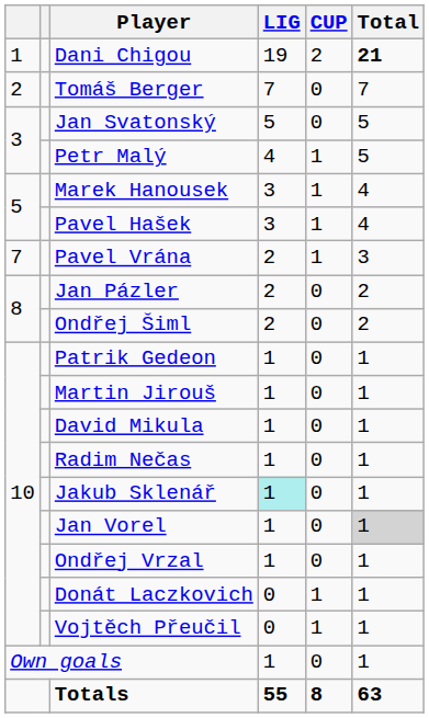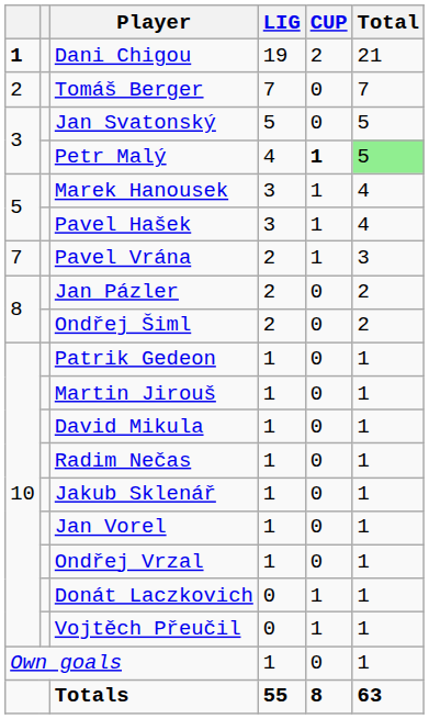 <table class="wikitable"  class= style="text-align:center; border:1px #aaa solid; font-size:95%">
 <tr>
 <th></th>
 <th></th>
 <th>Player</th>
 <th><a href='#'>LIG</a></th>
 <th><a href='#'>CUP</a></th>
 <th>Total</th>
 </tr>
 <tr>
-<td>1</td>
+<td><strong>1</strong></td>
 <td></td>
 <td><a href='#'>Dani Chigou</a></td>
 <td>19</td>
 <td>2</td>
-<td><strong>21</strong></td>
+<td>21</td>
 </tr>
 <tr>
 <td>2</td>
 <td></td>
 <td><a href='#'>Tomáš Berger</a></td>
 <td>7</td>
 <td>0</td>
 <td>7</td>
 </tr>
 <tr>
 <td rowspan="2">3</td>
 <td></td>
 <td><a href='#'>Jan Svatonský</a></td>
 <td>5</td>
 <td>0</td>
 <td>5</td>
 </tr>
 <tr>
 <td></td>
 <td><a href='#'>Petr Malý</a></td>
 <td>4</td>
-<td>1</td>
-<td>5</td>
+<td><strong>1</strong></td>
+<td style="background: lightgreen;">5</td>
 </tr>
 <tr>
 <td rowspan="2">5</td>
 <td></td>
 <td><a href='#'>Marek Hanousek</a></td>
 <td>3</td>
 <td>1</td>
 <td>4</td>
 </tr>
 <tr>
 <td></td>
 <td><a href='#'>Pavel Hašek</a></td>
 <td>3</td>
 <td>1</td>
 <td>4</td>
 </tr>
 <tr>
 <td>7</td>
 <td></td>
 <td><a href='#'>Pavel Vrána</a></td>
 <td>2</td>
 <td>1</td>
 <td>3</td>
 </tr>
 <tr>
 <td rowspan="2">8</td>
 <td></td>
 <td><a href='#'>Jan Pázler</a></td>
 <td>2</td>
 <td>0</td>
 <td>2</td>
 </tr>
 <tr>
 <td></td>
 <td><a href='#'>Ondřej Šiml</a></td>
 <td>2</td>
 <td>0</td>
 <td>2</td>
 </tr>
 <tr>
 <td rowspan="9">10</td>
 <td></td>
 <td><a href='#'>Patrik Gedeon</a></td>
 <td>1</td>
 <td>0</td>
 <td>1</td>
 </tr>
 <tr>
 <td></td>
 <td><a href='#'>Martin Jirouš</a></td>
 <td>1</td>
 <td>0</td>
 <td>1</td>
 </tr>
 <tr>
 <td></td>
 <td><a href='#'>David Mikula</a></td>
 <td>1</td>
 <td>0</td>
 <td>1</td>
 </tr>
 <tr>
 <td></td>
 <td><a href='#'>Radim Nečas</a></td>
 <td>1</td>
 <td>0</td>
 <td>1</td>
 </tr>
 <tr>
 <td></td>
 <td><a href='#'>Jakub Sklenář</a></td>
-<td style="background: paleturquoise;">1</td>
+<td>1</td>
 <td>0</td>
 <td>1</td>
 </tr>
 <tr>
 <td></td>
 <td><a href='#'>Jan Vorel</a></td>
 <td>1</td>
 <td>0</td>
-<td style="background: lightgrey;">1</td>
+<td>1</td>
 </tr>
 <tr>
 <td></td>
 <td><a href='#'>Ondřej Vrzal</a></td>
 <td>1</td>
 <td>0</td>
 <td>1</td>
 </tr>
 <tr>
 <td></td>
 <td><a href='#'>Donát Laczkovich</a></td>
 <td>0</td>
 <td>1</td>
 <td>1</td>
 </tr>
 <tr>
 <td></td>
 <td><a href='#'>Vojtěch Přeučil</a></td>
 <td>0</td>
 <td>1</td>
 <td>1</td>
 </tr>
 <tr>
 <td colspan="3"><em><a href='#'>Own goals</a></em></td>
 <td>1</td>
 <td>0</td>
 <td>1</td>
 </tr>
 <tr>
 <td colspan="2"></td>
 <td><strong>Totals</strong></td>
 <td><strong>55</strong></td>
 <td><strong>8</strong></td>
 <td><strong>63</strong></td>
 </tr>
 </table>
